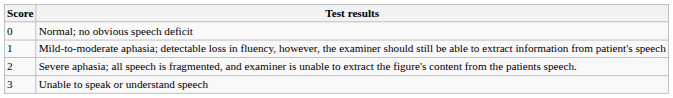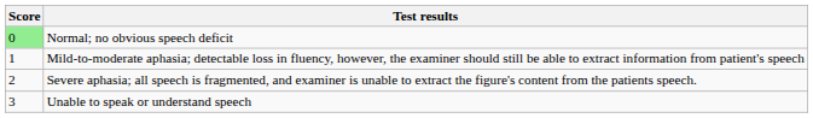 <table class="wikitable">
 <tr>
 <th>Score</th>
 <th>Test results</th>
 </tr>
 <tr>
-<td>0</td>
+<td style="background: lightgreen;">0</td>
 <td>Normal; no obvious speech deficit</td>
 </tr>
 <tr>
 <td>1</td>
 <td>Mild-to-moderate aphasia; detectable loss in fluency, however, the examiner should still be able to extract information from patient's speech</td>
 </tr>
 <tr>
 <td>2</td>
 <td>Severe aphasia; all speech is fragmented, and examiner is unable to extract the figure's content from the patients speech.</td>
 </tr>
 <tr>
 <td>3</td>
 <td>Unable to speak or understand speech</td>
 </tr>
 </table>
